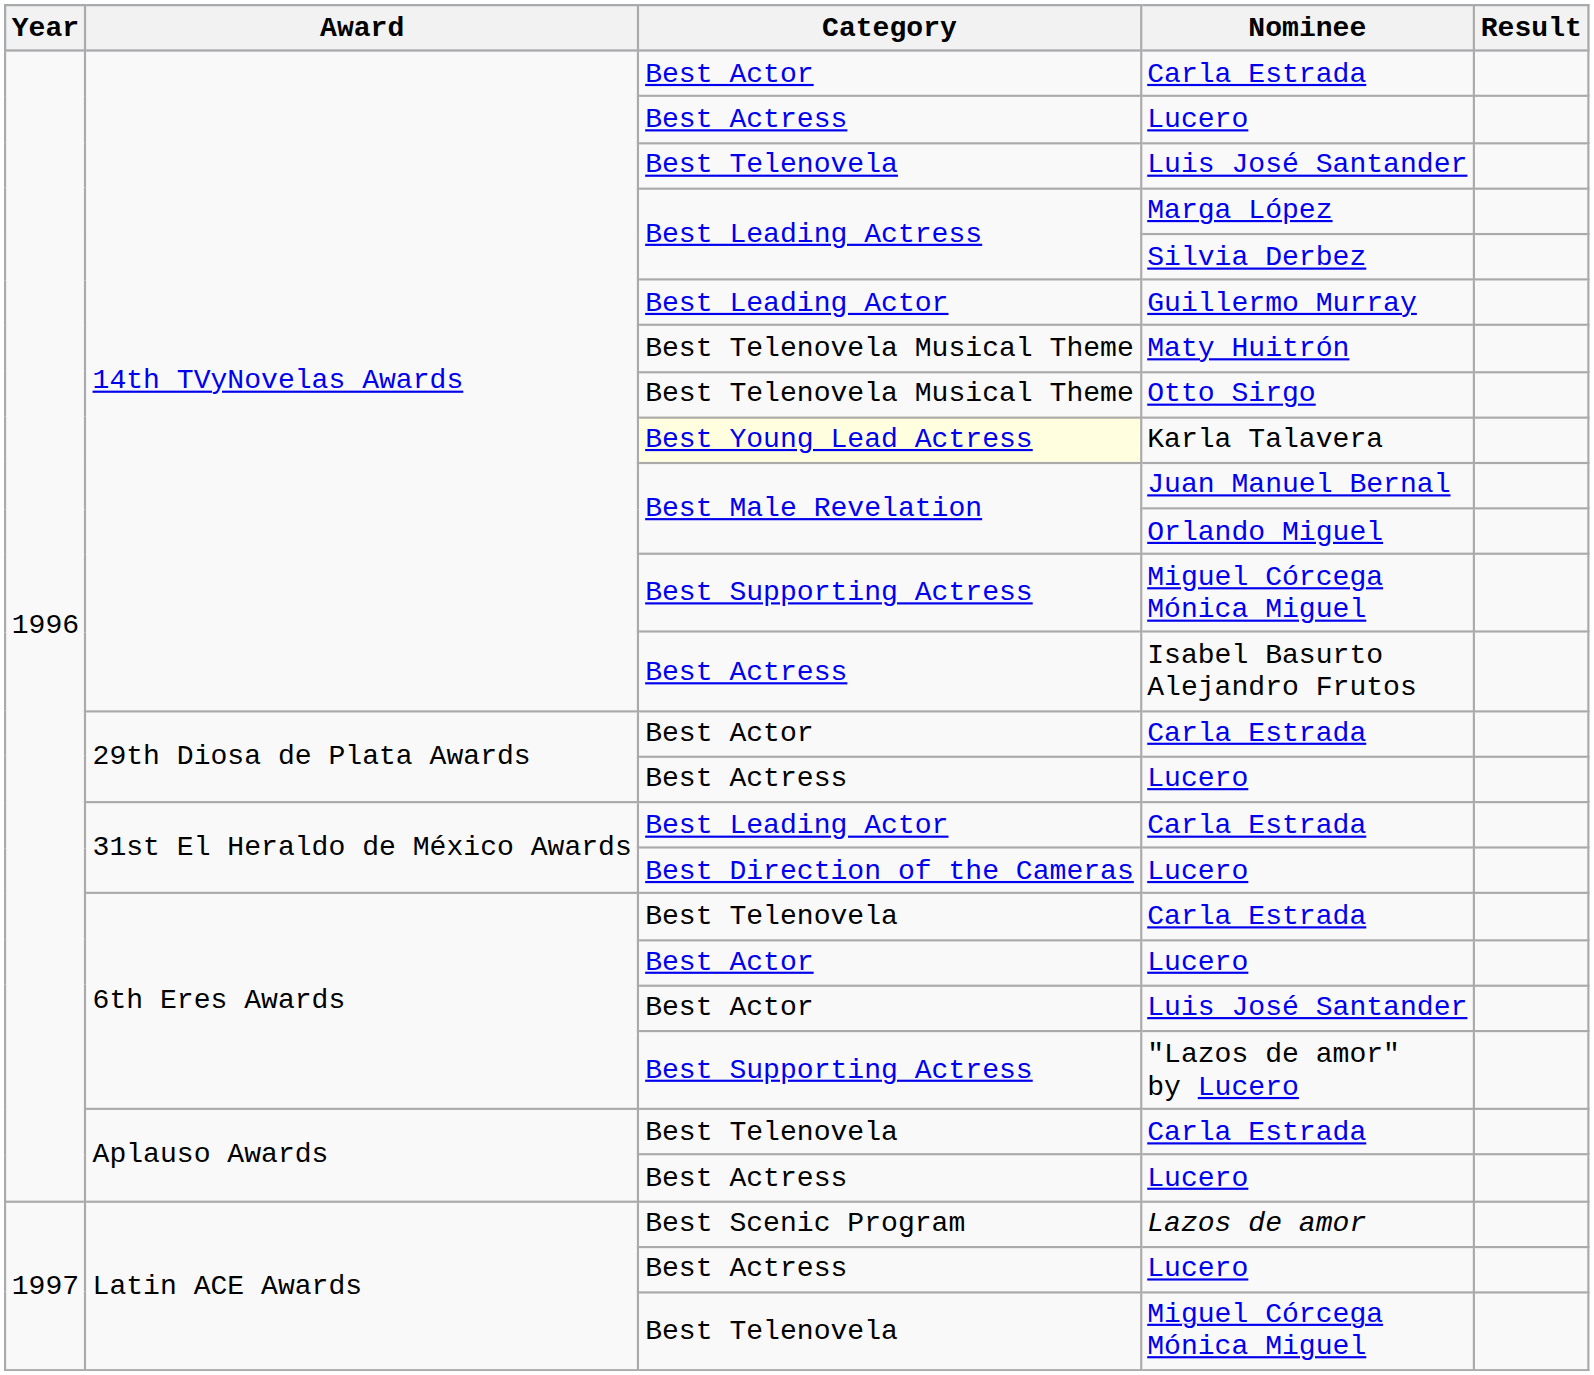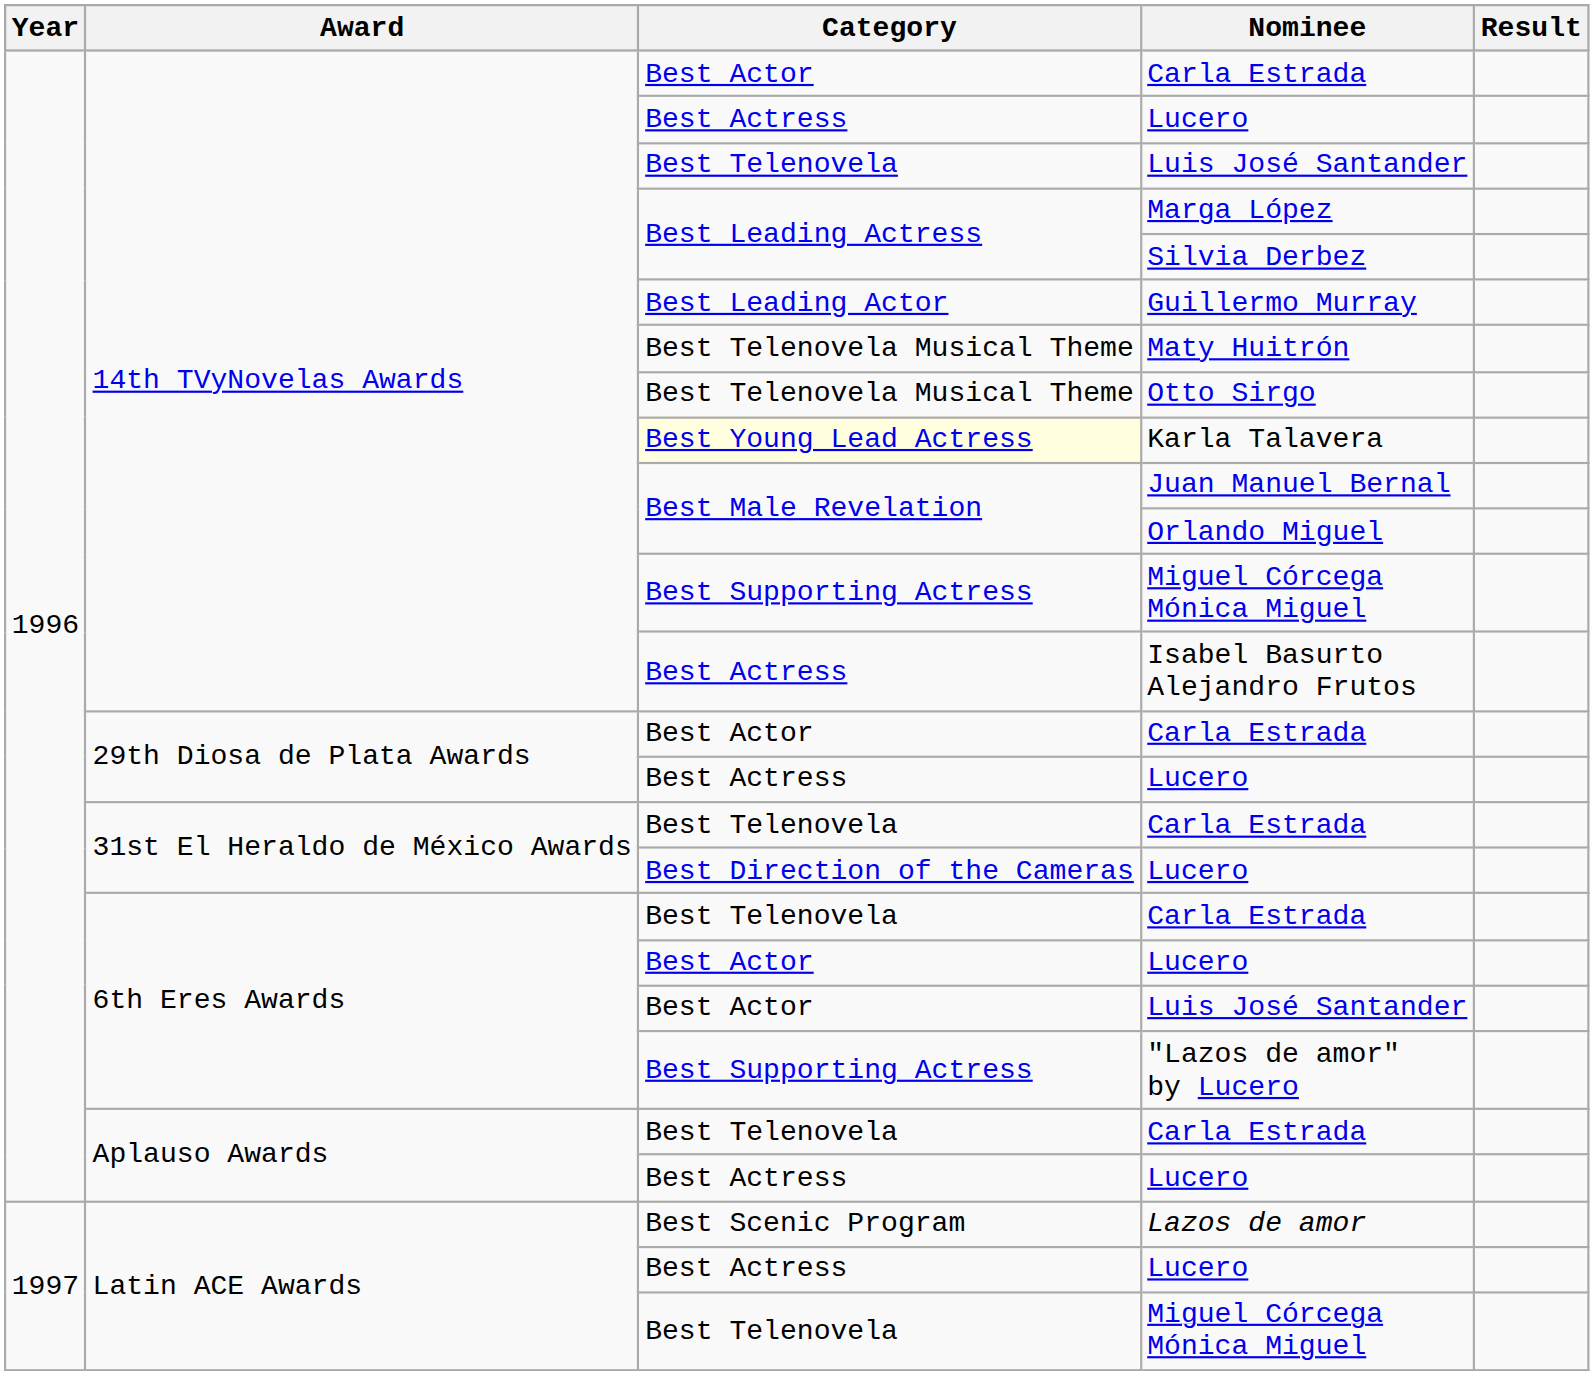 <table class="wikitable">
 <tr style="background:#b0c4de;">
 <th>Year</th>
 <th>Award</th>
 <th>Category</th>
 <th>Nominee</th>
 <th>Result</th>
 </tr>
 <tr>
 <td rowspan=23>1996</td>
 <td rowspan=13><a href='#'>14th TVyNovelas Awards</a></td>
 <td><a href='#'>Best Actor</a></td>
 <td><a href='#'>Carla Estrada</a></td>
 <td></td>
 </tr>
 <tr>
 <td><a href='#'>Best Actress</a></td>
 <td><a href='#'>Lucero</a></td>
 <td></td>
 </tr>
 <tr>
 <td><a href='#'>Best Telenovela</a></td>
 <td><a href='#'>Luis José Santander</a></td>
 <td></td>
 </tr>
 <tr>
 <td rowspan=2><a href='#'>Best Leading Actress</a></td>
 <td><a href='#'>Marga López</a></td>
 <td></td>
 </tr>
 <tr>
 <td><a href='#'>Silvia Derbez</a></td>
 <td></td>
 </tr>
 <tr>
 <td><a href='#'>Best Leading Actor</a></td>
 <td><a href='#'>Guillermo Murray</a></td>
 <td></td>
 </tr>
 <tr>
 <td>Best Telenovela Musical Theme</td>
 <td><a href='#'>Maty Huitrón</a></td>
 <td></td>
 </tr>
 <tr>
 <td>Best Telenovela Musical Theme</td>
 <td><a href='#'>Otto Sirgo</a></td>
 <td></td>
 </tr>
 <tr>
 <td style="background: lightyellow;"><a href='#'>Best Young Lead Actress</a></td>
 <td>Karla Talavera</td>
 <td></td>
 </tr>
 <tr>
 <td rowspan=2><a href='#'>Best Male Revelation</a></td>
 <td><a href='#'>Juan Manuel Bernal</a></td>
 <td></td>
 </tr>
 <tr>
 <td><a href='#'>Orlando Miguel</a></td>
 <td></td>
 </tr>
 <tr>
 <td><a href='#'>Best Supporting Actress</a></td>
 <td><a href='#'>Miguel Córcega</a> <br> <a href='#'>Mónica Miguel</a></td>
 <td></td>
 </tr>
 <tr>
 <td><a href='#'>Best Actress</a></td>
 <td>Isabel Basurto <br> Alejandro Frutos</td>
 <td></td>
 </tr>
 <tr>
 <td rowspan=2>29th Diosa de Plata Awards</td>
 <td>Best Actor</td>
 <td><a href='#'>Carla Estrada</a></td>
 <td></td>
 </tr>
 <tr>
 <td>Best Actress</td>
 <td><a href='#'>Lucero</a></td>
 <td></td>
 </tr>
 <tr>
 <td rowspan=2>31st El Heraldo de México Awards</td>
-<td><a href='#'>Best Leading Actor</a></td>
+<td>Best Telenovela</td>
 <td><a href='#'>Carla Estrada</a></td>
 <td></td>
 </tr>
 <tr>
 <td><a href='#'>Best Direction of the Cameras</a></td>
 <td><a href='#'>Lucero</a></td>
 <td></td>
 </tr>
 <tr>
 <td rowspan=4>6th Eres Awards</td>
 <td>Best Telenovela</td>
 <td><a href='#'>Carla Estrada</a></td>
 <td></td>
 </tr>
 <tr>
 <td><a href='#'>Best Actor</a></td>
 <td><a href='#'>Lucero</a></td>
 <td></td>
 </tr>
 <tr>
 <td>Best Actor</td>
 <td><a href='#'>Luis José Santander</a></td>
 <td></td>
 </tr>
 <tr>
 <td><a href='#'>Best Supporting Actress</a></td>
 <td>"Lazos de amor" <br> by <a href='#'>Lucero</a></td>
 <td></td>
 </tr>
 <tr>
 <td rowspan=2>Aplauso Awards</td>
 <td>Best Telenovela</td>
 <td><a href='#'>Carla Estrada</a></td>
 <td></td>
 </tr>
 <tr>
 <td>Best Actress</td>
 <td><a href='#'>Lucero</a></td>
 <td></td>
 </tr>
 <tr>
 <td rowspan=3>1997</td>
 <td rowspan=3>Latin ACE Awards</td>
 <td>Best Scenic Program</td>
 <td><em>Lazos de amor</em></td>
 <td></td>
 </tr>
 <tr>
 <td>Best Actress</td>
 <td><a href='#'>Lucero</a></td>
 <td></td>
 </tr>
 <tr>
 <td>Best Telenovela</td>
 <td><a href='#'>Miguel Córcega</a> <br> <a href='#'>Mónica Miguel</a></td>
 <td></td>
 </tr>
 </table>
